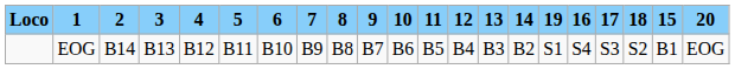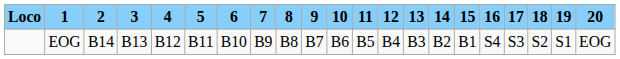 <table class="wikitable plainrowheaders unsortable" style="text-align:center">
 <tr>
 <th scope="col" rowspan="1" style="background:lightskyblue;">Loco</th>
 <th scope="col" rowspan="1" style="background:lightskyblue;">1</th>
 <th scope="col" rowspan="1" style="background:lightskyblue;">2</th>
 <th scope="col" rowspan="1" style="background:lightskyblue;">3</th>
 <th scope="col" rowspan="1" style="background:lightskyblue;">4</th>
 <th scope="col" rowspan="1" style="background:lightskyblue;">5</th>
 <th scope="col" rowspan="1" style="background:lightskyblue;">6</th>
 <th scope="col" rowspan="1" style="background:lightskyblue;">7</th>
 <th scope="col" rowspan="1" style="background:lightskyblue;">8</th>
 <th scope="col" rowspan="1" style="background:lightskyblue;">9</th>
 <th scope="col" rowspan="1" style="background:lightskyblue;">10</th>
 <th scope="col" rowspan="1" style="background:lightskyblue;">11</th>
 <th scope="col" rowspan="1" style="background:lightskyblue;">12</th>
 <th scope="col" rowspan="1" style="background:lightskyblue;">13</th>
 <th scope="col" rowspan="1" style="background:lightskyblue;">14</th>
-<th scope="col" rowspan="1" style="background:lightskyblue;">19</th>
+<th scope="col" rowspan="1" style="background:lightskyblue;">15</th>
 <th scope="col" rowspan="1" style="background:lightskyblue;">16</th>
 <th scope="col" rowspan="1" style="background:lightskyblue;">17</th>
 <th scope="col" rowspan="1" style="background:lightskyblue;">18</th>
-<th scope="col" rowspan="1" style="background:lightskyblue;">15</th>
+<th scope="col" rowspan="1" style="background:lightskyblue;">19</th>
 <th scope="col" rowspan="1" style="background:lightskyblue;">20</th>
 </tr>
 <tr>
 <td></td>
 <td>EOG</td>
 <td>B14</td>
 <td>B13</td>
 <td>B12</td>
 <td>B11</td>
 <td>B10</td>
 <td>B9</td>
 <td>B8</td>
 <td>B7</td>
 <td>B6</td>
 <td>B5</td>
 <td>B4</td>
 <td>B3</td>
 <td>B2</td>
-<td>S1</td>
+<td>B1</td>
 <td>S4</td>
 <td>S3</td>
 <td>S2</td>
-<td>B1</td>
+<td>S1</td>
 <td>EOG</td>
 </tr>
 </table>
